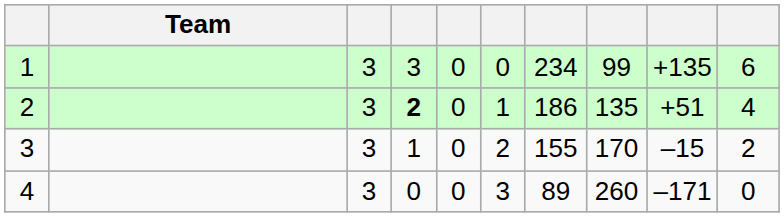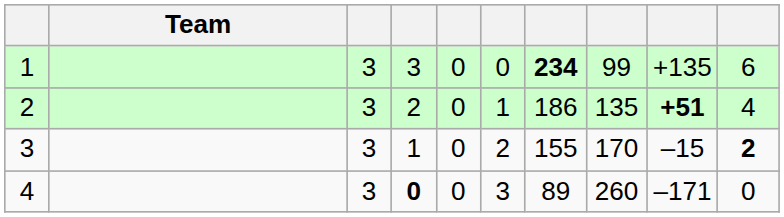 <table class=wikitable style=text-align:center>
 <tr>
 <th width=20 abbr=Position></th>
 <th width=175>Team</th>
 <th width=20 abbr=Played></th>
 <th width=20 abbr=Won></th>
 <th width=20 abbr=Drawn></th>
 <th width=20 abbr=Lost></th>
 <th width=30 abbr=Goal for></th>
 <th width=30 abbr=Goal against></th>
 <th width=30 abbr=Goal difference></th>
 <th width=30 abbr=Points></th>
 </tr>
 <tr bgcolor=#CCFFCC>
 <td>1</td>
 <td align=left></td>
 <td>3</td>
 <td>3</td>
 <td>0</td>
 <td>0</td>
-<td>234</td>
+<td><strong>234</strong></td>
 <td>99</td>
 <td>+135</td>
 <td>6</td>
 </tr>
 <tr bgcolor=#CCFFCC>
 <td>2</td>
 <td align=left></td>
 <td>3</td>
-<td><strong>2</strong></td>
+<td>2</td>
 <td>0</td>
 <td>1</td>
 <td>186</td>
 <td>135</td>
-<td>+51</td>
+<td><strong>+51</strong></td>
 <td>4</td>
 </tr>
 <tr>
 <td>3</td>
 <td align=left></td>
 <td>3</td>
 <td>1</td>
 <td>0</td>
 <td>2</td>
 <td>155</td>
 <td>170</td>
 <td>–15</td>
-<td>2</td>
+<td><strong>2</strong></td>
 </tr>
 <tr>
 <td>4</td>
 <td align=left></td>
 <td>3</td>
-<td>0</td>
+<td><strong>0</strong></td>
 <td>0</td>
 <td>3</td>
 <td>89</td>
 <td>260</td>
 <td>–171</td>
 <td>0</td>
 </tr>
 </table>
